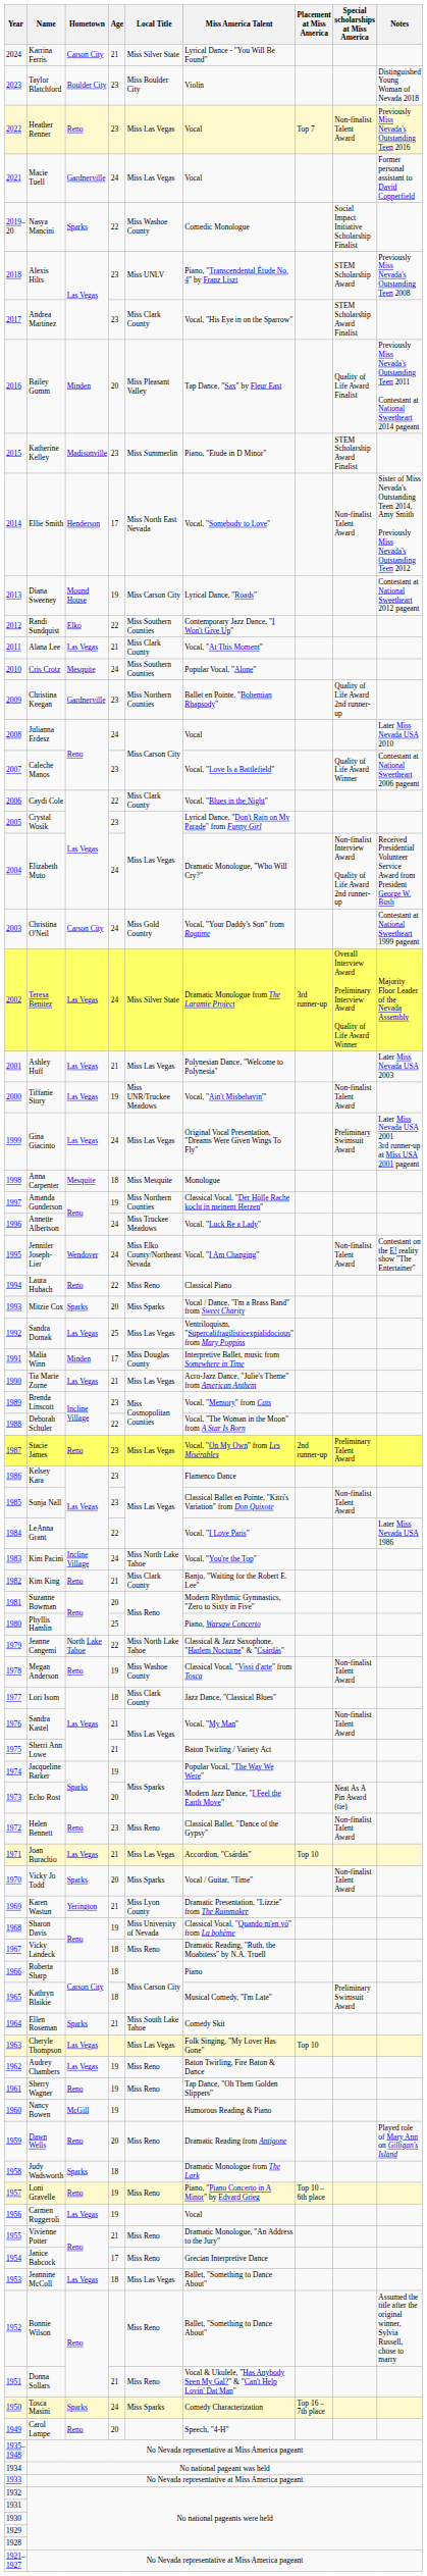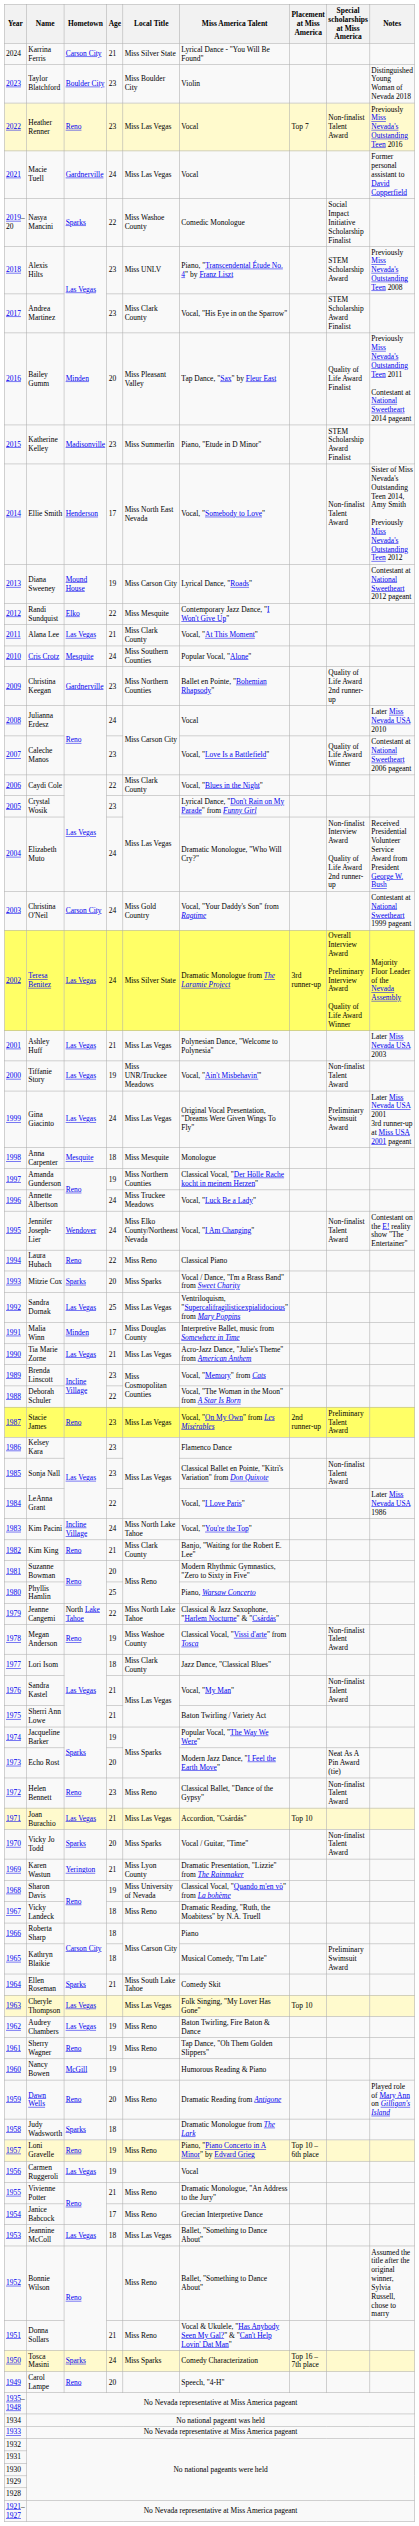 <table class="wikitable" style="width:100%; font-size:90%;">
 <tr>
 <th>Year</th>
 <th>Name</th>
 <th>Hometown</th>
 <th>Age</th>
 <th>Local Title</th>
 <th>Miss America Talent</th>
 <th>Placement at Miss America</th>
 <th>Special scholarships at Miss America</th>
 <th>Notes</th>
 </tr>
 <tr>
 <td>2024</td>
 <td>Karrina Ferris</td>
 <td><a href='#'>Carson City</a></td>
 <td>21</td>
 <td>Miss Silver State</td>
 <td>Lyrical Dance - "You Will Be Found"</td>
 <td></td>
 <td></td>
 <td></td>
 </tr>
 <tr>
 <td><a href='#'>2023</a></td>
 <td>Taylor Blatchford</td>
 <td><a href='#'>Boulder City</a></td>
 <td>23</td>
 <td>Miss Boulder City</td>
 <td>Violin</td>
 <td></td>
 <td></td>
 <td>Distinguished Young Woman of Nevada 2018</td>
 </tr>
 <tr style="background-color:#FFFACD;">
 <td><a href='#'>2022</a></td>
 <td>Heather Renner</td>
 <td><a href='#'>Reno</a></td>
 <td>23</td>
 <td>Miss Las Vegas</td>
 <td>Vocal</td>
 <td>Top 7</td>
 <td>Non-finalist Talent Award</td>
 <td>Previously <a href='#'>Miss Nevada's Outstanding Teen</a> 2016</td>
 </tr>
 <tr>
 <td><a href='#'>2021</a></td>
 <td>Macie Tuell</td>
 <td><a href='#'>Gardnerville</a></td>
 <td>24</td>
 <td>Miss Las Vegas</td>
 <td>Vocal</td>
 <td></td>
 <td></td>
 <td>Former personal assistant to <a href='#'>David Copperfield</a></td>
 </tr>
 <tr>
 <td><a href='#'>2019</a>–20</td>
 <td>Nasya Mancini</td>
 <td><a href='#'>Sparks</a></td>
 <td>22</td>
 <td>Miss Washoe County</td>
 <td>Comedic Monologue</td>
 <td></td>
 <td>Social Impact Initiative Scholarship Finalist</td>
 <td></td>
 </tr>
 <tr>
 <td><a href='#'>2018</a></td>
 <td>Alexis Hilts</td>
 <td rowspan="2"><a href='#'>Las Vegas</a></td>
 <td>23</td>
 <td>Miss UNLV</td>
 <td>Piano, "<a href='#'>Transcendental Étude No. 4</a>" by <a href='#'>Franz Liszt</a></td>
 <td></td>
 <td>STEM Scholarship Award</td>
 <td>Previously <a href='#'>Miss Nevada's Outstanding Teen</a> 2008</td>
 </tr>
 <tr>
 <td><a href='#'>2017</a></td>
 <td>Andrea Martinez</td>
 <td>23</td>
 <td>Miss Clark County</td>
 <td>Vocal, "His Eye in on the Sparrow"</td>
 <td></td>
 <td>STEM Scholarship Award Finalist</td>
 <td></td>
 </tr>
 <tr>
 <td><a href='#'>2016</a></td>
 <td>Bailey Gumm</td>
 <td><a href='#'>Minden</a></td>
 <td>20</td>
 <td>Miss Pleasant Valley</td>
 <td>Tap Dance, "<a href='#'>Sax</a>" by <a href='#'>Fleur East</a></td>
 <td></td>
 <td>Quality of Life Award Finalist</td>
 <td>Previously <a href='#'>Miss Nevada's Outstanding Teen</a> 2011<br><br>Contestant at <a href='#'>National Sweetheart</a> 2014 pageant</td>
 </tr>
 <tr>
 <td><a href='#'>2015</a></td>
 <td>Katherine Kelley</td>
 <td><a href='#'>Madisonville</a></td>
 <td>23</td>
 <td>Miss Summerlin</td>
 <td>Piano, "Etude in D Minor"</td>
 <td></td>
 <td>STEM Scholarship Award Finalist</td>
 <td></td>
 </tr>
 <tr>
 <td><a href='#'>2014</a></td>
 <td>Ellie Smith</td>
 <td><a href='#'>Henderson</a></td>
 <td>17</td>
 <td>Miss North East Nevada</td>
 <td>Vocal, "<a href='#'>Somebody to Love</a>"</td>
 <td></td>
 <td>Non-finalist Talent Award</td>
 <td>Sister of Miss Nevada's Outstanding Teen 2014, Amy Smith<br><br>Previously <a href='#'>Miss Nevada's Outstanding Teen</a> 2012</td>
 </tr>
 <tr>
 <td><a href='#'>2013</a></td>
 <td>Diana Sweeney</td>
 <td><a href='#'>Mound House</a></td>
 <td>19</td>
 <td>Miss Carson City</td>
 <td>Lyrical Dance, "<a href='#'>Roads</a>"</td>
 <td></td>
 <td></td>
 <td>Contestant at <a href='#'>National Sweetheart</a> 2012 pageant</td>
 </tr>
 <tr>
 <td><a href='#'>2012</a></td>
 <td>Randi Sundquist</td>
 <td><a href='#'>Elko</a></td>
 <td>22</td>
-<td>Miss Southern Counties</td>
+<td>Miss Mesquite</td>
 <td>Contemporary Jazz Dance, "<a href='#'>I Won't Give Up</a>"</td>
 <td></td>
 <td></td>
 <td></td>
 </tr>
 <tr>
 <td><a href='#'>2011</a></td>
 <td>Alana Lee</td>
 <td><a href='#'>Las Vegas</a></td>
 <td>21</td>
 <td>Miss Clark County</td>
 <td>Vocal, "<a href='#'>At This Moment</a>"</td>
 <td></td>
 <td></td>
 <td></td>
 </tr>
 <tr>
 <td><a href='#'>2010</a></td>
 <td><a href='#'>Cris Crotz</a></td>
 <td><a href='#'>Mesquite</a></td>
 <td>24</td>
 <td>Miss Southern Counties</td>
 <td>Popular Vocal, "<a href='#'>Alone</a>"</td>
 <td></td>
 <td></td>
 <td></td>
 </tr>
 <tr>
 <td><a href='#'>2009</a></td>
 <td>Christina Keegan</td>
 <td><a href='#'>Gardnerville</a></td>
 <td>23</td>
 <td>Miss Northern Counties</td>
 <td>Ballet en Pointe, "<a href='#'>Bohemian Rhapsody</a>"</td>
 <td></td>
 <td>Quality of Life Award 2nd runner-up</td>
 <td></td>
 </tr>
 <tr>
 <td><a href='#'>2008</a></td>
 <td>Julianna Erdesz</td>
 <td rowspan="2"><a href='#'>Reno</a></td>
 <td>24</td>
 <td rowspan="2">Miss Carson City</td>
 <td>Vocal</td>
 <td></td>
 <td></td>
 <td>Later <a href='#'>Miss Nevada USA</a> 2010</td>
 </tr>
 <tr>
 <td><a href='#'>2007</a></td>
 <td>Caleche Manos</td>
 <td>23</td>
 <td>Vocal, "<a href='#'>Love Is a Battlefield</a>"</td>
 <td></td>
 <td>Quality of Life Award Winner</td>
 <td>Contestant at <a href='#'>National Sweetheart</a> 2006 pageant</td>
 </tr>
 <tr>
 <td><a href='#'>2006</a></td>
 <td>Caydi Cole</td>
 <td rowspan="3"><a href='#'>Las Vegas</a></td>
 <td>22</td>
 <td>Miss Clark County</td>
 <td>Vocal, "<a href='#'>Blues in the Night</a>"</td>
 <td></td>
 <td></td>
 <td></td>
 </tr>
 <tr>
 <td><a href='#'>2005</a></td>
 <td>Crystal Wosik</td>
 <td>23</td>
 <td rowspan="2">Miss Las Vegas</td>
 <td>Lyrical Dance, "<a href='#'>Don't Rain on My Parade</a>" from <em><a href='#'>Funny Girl</a></em></td>
 <td></td>
 <td></td>
 <td></td>
 </tr>
 <tr>
 <td><a href='#'>2004</a></td>
 <td>Elizabeth Muto</td>
 <td>24</td>
 <td>Dramatic Monologue, "Who Will Cry?"</td>
 <td></td>
 <td>Non-finalist Interview Award<br><br>Quality of Life Award 2nd runner-up</td>
 <td>Received Presidential Volunteer Service Award from President <a href='#'>George W. Bush</a></td>
 </tr>
 <tr>
 <td><a href='#'>2003</a></td>
 <td>Christina O'Neil</td>
 <td><a href='#'>Carson City</a></td>
 <td>24</td>
 <td>Miss Gold Country</td>
 <td>Vocal, "Your Daddy's Son" from <em><a href='#'>Ragtime</a></em></td>
 <td></td>
 <td></td>
 <td>Contestant at <a href='#'>National Sweetheart</a> 1999 pageant</td>
 </tr>
 <tr style="background-color:#FFFF66;">
 <td><a href='#'>2002</a></td>
 <td><a href='#'>Teresa Benitez</a></td>
 <td><a href='#'>Las Vegas</a></td>
 <td>24</td>
 <td>Miss Silver State</td>
 <td>Dramatic Monologue from <em><a href='#'>The Laramie Project</a></em></td>
 <td>3rd runner-up</td>
 <td>Overall Interview Award<br><br>Preliminary Interview Award<br><br>Quality of Life Award Winner</td>
 <td>Majority Floor Leader of the <a href='#'>Nevada Assembly</a></td>
 </tr>
 <tr>
 <td><a href='#'>2001</a></td>
 <td>Ashley Huff</td>
 <td><a href='#'>Las Vegas</a></td>
 <td>21</td>
 <td>Miss Las Vegas</td>
 <td>Polynesian Dance, "Welcome to Polynesia"</td>
 <td></td>
 <td></td>
 <td>Later <a href='#'>Miss Nevada USA</a> 2003</td>
 </tr>
 <tr>
 <td><a href='#'>2000</a></td>
 <td>Tiffanie Story</td>
 <td><a href='#'>Las Vegas</a></td>
 <td>19</td>
 <td>Miss UNR/Truckee Meadows</td>
 <td>Vocal, "<a href='#'>Ain't Misbehavin'</a>"</td>
 <td></td>
 <td>Non-finalist Talent Award</td>
 <td></td>
 </tr>
 <tr>
 <td><a href='#'>1999</a></td>
 <td>Gina Giacinto</td>
 <td><a href='#'>Las Vegas</a></td>
 <td>24</td>
 <td>Miss Las Vegas</td>
 <td>Original Vocal Presentation, "Dreams Were Given Wings To Fly"</td>
 <td></td>
 <td>Preliminary Swimsuit Award</td>
 <td>Later <a href='#'>Miss Nevada USA</a> 2001<br>3rd runner-up at <a href='#'>Miss USA 2001</a> pageant</td>
 </tr>
 <tr>
 <td><a href='#'>1998</a></td>
 <td>Anna Carpenter</td>
 <td><a href='#'>Mesquite</a></td>
 <td>18</td>
 <td>Miss Mesquite</td>
 <td>Monologue</td>
 <td></td>
 <td></td>
 <td></td>
 </tr>
 <tr>
 <td><a href='#'>1997</a></td>
 <td>Amanda Gunderson</td>
 <td rowspan="2"><a href='#'>Reno</a></td>
 <td>19</td>
 <td>Miss Northern Counties</td>
 <td>Classical Vocal, "<a href='#'>Der Hölle Rache kocht in meinem Herzen</a>"</td>
 <td></td>
 <td></td>
 <td></td>
 </tr>
 <tr>
 <td><a href='#'>1996</a></td>
 <td>Annette Albertson</td>
 <td>24</td>
 <td>Miss Truckee Meadows</td>
 <td>Vocal, "<a href='#'>Luck Be a Lady</a>"</td>
 <td></td>
 <td></td>
 <td></td>
 </tr>
 <tr>
 <td><a href='#'>1995</a></td>
 <td>Jennifer Joseph-Lier</td>
 <td><a href='#'>Wendover</a></td>
 <td>24</td>
 <td>Miss Elko County/Northeast Nevada</td>
 <td>Vocal, "<a href='#'>I Am Changing</a>"</td>
 <td></td>
 <td>Non-finalist Talent Award</td>
 <td>Contestant on the <a href='#'>E!</a> reality show "The Entertainer"</td>
 </tr>
 <tr>
 <td><a href='#'>1994</a></td>
 <td>Laura Hubach</td>
 <td><a href='#'>Reno</a></td>
 <td>22</td>
 <td>Miss Reno</td>
 <td>Classical Piano</td>
 <td></td>
 <td></td>
 <td></td>
 </tr>
 <tr>
 <td><a href='#'>1993</a></td>
 <td>Mitzie Cox</td>
 <td><a href='#'>Sparks</a></td>
 <td>20</td>
 <td>Miss Sparks</td>
 <td>Vocal / Dance, "I'm a Brass Band" from <em><a href='#'>Sweet Charity</a></em></td>
 <td></td>
 <td></td>
 <td></td>
 </tr>
 <tr>
 <td><a href='#'>1992</a></td>
 <td>Sandra Dornak</td>
 <td><a href='#'>Las Vegas</a></td>
 <td>25</td>
 <td>Miss Las Vegas</td>
 <td>Ventriloquism, "<a href='#'>Supercalifragilisticexpialidocious</a>" from <em><a href='#'>Mary Poppins</a></em></td>
 <td></td>
 <td></td>
 <td></td>
 </tr>
 <tr>
 <td><a href='#'>1991</a></td>
 <td>Malia Winn</td>
 <td><a href='#'>Minden</a></td>
 <td>17</td>
 <td>Miss Douglas County</td>
 <td>Interpretive Ballet, music from <em><a href='#'>Somewhere in Time</a></em></td>
 <td></td>
 <td></td>
 <td></td>
 </tr>
 <tr>
 <td><a href='#'>1990</a></td>
 <td>Tia Marie Zorne</td>
 <td><a href='#'>Las Vegas</a></td>
 <td>21</td>
 <td>Miss Las Vegas</td>
 <td>Acro-Jazz Dance, "Julie's Theme" from <em><a href='#'>American Anthem</a></em></td>
 <td></td>
 <td></td>
 <td></td>
 </tr>
 <tr>
 <td><a href='#'>1989</a></td>
 <td>Brenda Linscott</td>
 <td rowspan="2"><a href='#'>Incline Village</a></td>
 <td>23</td>
 <td rowspan="2">Miss Cosmopolitan Counties</td>
 <td>Vocal, "<a href='#'>Memory</a>" from <em><a href='#'>Cats</a></em></td>
 <td></td>
 <td></td>
 <td></td>
 </tr>
 <tr>
 <td><a href='#'>1988</a></td>
 <td>Deborah Schuler</td>
 <td>22</td>
 <td>Vocal, "The Woman in the Moon" from <em><a href='#'>A Star Is Born</a></em></td>
 <td></td>
 <td></td>
 <td></td>
 </tr>
 <tr style="background-color:#FFFF66;">
 <td><a href='#'>1987</a></td>
 <td>Stacie James</td>
 <td><a href='#'>Reno</a></td>
 <td>23</td>
 <td>Miss Las Vegas</td>
 <td>Vocal, "<a href='#'>On My Own</a>" from <em><a href='#'>Les Misérables</a></em></td>
 <td>2nd runner-up</td>
 <td>Preliminary Talent Award</td>
 <td></td>
 </tr>
 <tr>
 <td><a href='#'>1986</a></td>
 <td>Kelsey Kara</td>
 <td rowspan="3"><a href='#'>Las Vegas</a></td>
 <td>23</td>
 <td rowspan="3">Miss Las Vegas</td>
 <td>Flamenco Dance</td>
 <td></td>
 <td></td>
 <td></td>
 </tr>
 <tr>
 <td><a href='#'>1985</a></td>
 <td>Sonja Nall</td>
 <td>23</td>
 <td>Classical Ballet en Pointe, "Kitri's Variation" from <em><a href='#'>Don Quixote</a></em></td>
 <td></td>
 <td>Non-finalist Talent Award</td>
 <td></td>
 </tr>
 <tr>
 <td><a href='#'>1984</a></td>
 <td>LeAnna Grant</td>
 <td>22</td>
 <td>Vocal, "<a href='#'>I Love Paris</a>"</td>
 <td></td>
 <td></td>
 <td>Later <a href='#'>Miss Nevada USA</a> 1986</td>
 </tr>
 <tr>
 <td><a href='#'>1983</a></td>
 <td>Kim Pacini</td>
 <td><a href='#'>Incline Village</a></td>
 <td>24</td>
 <td>Miss North Lake Tahoe</td>
 <td>Vocal, "<a href='#'>You're the Top</a>"</td>
 <td></td>
 <td></td>
 <td></td>
 </tr>
 <tr>
 <td><a href='#'>1982</a></td>
 <td>Kim King</td>
 <td><a href='#'>Reno</a></td>
 <td>21</td>
 <td>Miss Clark County</td>
 <td>Banjo, "Waiting for the Robert E. Lee"</td>
 <td></td>
 <td></td>
 <td></td>
 </tr>
 <tr>
 <td><a href='#'>1981</a></td>
 <td>Suzanne Bowman</td>
 <td rowspan="2"><a href='#'>Reno</a></td>
 <td>20</td>
 <td rowspan="2">Miss Reno</td>
 <td>Modern Rhythmic Gymnastics, "Zero to Sixty in Five"</td>
 <td></td>
 <td></td>
 <td></td>
 </tr>
 <tr>
 <td><a href='#'>1980</a></td>
 <td>Phyllis Hamlin</td>
 <td>25</td>
 <td>Piano, <em><a href='#'>Warsaw Concerto</a></em></td>
 <td></td>
 <td></td>
 <td></td>
 </tr>
 <tr>
 <td><a href='#'>1979</a></td>
 <td>Jeanne Cangemi</td>
 <td>North <a href='#'>Lake Tahoe</a></td>
 <td>22</td>
 <td>Miss North Lake Tahoe</td>
 <td>Classical & Jazz Saxophone, "<a href='#'>Harlem Nocturne</a>" & "<a href='#'>Csárdás</a>"</td>
 <td></td>
 <td></td>
 <td></td>
 </tr>
 <tr>
 <td><a href='#'>1978</a></td>
 <td>Megan Anderson</td>
 <td><a href='#'>Reno</a></td>
 <td>19</td>
 <td>Miss Washoe County</td>
 <td>Classical Vocal, "<a href='#'>Vissi d'arte</a>" from <em><a href='#'>Tosca</a></em></td>
 <td></td>
 <td>Non-finalist Talent Award</td>
 <td></td>
 </tr>
 <tr>
 <td><a href='#'>1977</a></td>
 <td>Lori Isom</td>
 <td rowspan="3"><a href='#'>Las Vegas</a></td>
 <td>18</td>
 <td>Miss Clark County</td>
 <td>Jazz Dance, "Classical Blues"</td>
 <td></td>
 <td></td>
 <td></td>
 </tr>
 <tr>
 <td><a href='#'>1976</a></td>
 <td>Sandra Kastel</td>
 <td>21</td>
 <td rowspan="2">Miss Las Vegas</td>
 <td>Vocal, "<a href='#'>My Man</a>"</td>
 <td></td>
 <td>Non-finalist Talent Award</td>
 <td></td>
 </tr>
 <tr>
 <td><a href='#'>1975</a></td>
 <td>Sherri Ann Lowe</td>
 <td>21</td>
 <td>Baton Twirling / Variety Act</td>
 <td></td>
 <td></td>
 <td></td>
 </tr>
 <tr>
 <td><a href='#'>1974</a></td>
 <td>Jacqueline Barker</td>
 <td rowspan="2"><a href='#'>Sparks</a></td>
 <td>19</td>
 <td rowspan="2">Miss Sparks</td>
 <td>Popular Vocal, "<a href='#'>The Way We Were</a>"</td>
 <td></td>
 <td></td>
 <td></td>
 </tr>
 <tr>
 <td><a href='#'>1973</a></td>
 <td>Echo Rost</td>
 <td>20</td>
 <td>Modern Jazz Dance, "<a href='#'>I Feel the Earth Move</a>"</td>
 <td></td>
 <td>Neat As A Pin Award (tie)</td>
 <td></td>
 </tr>
 <tr>
 <td><a href='#'>1972</a></td>
 <td>Helen Bennett</td>
 <td><a href='#'>Reno</a></td>
 <td>23</td>
 <td>Miss Reno</td>
 <td>Classical Ballet, "Dance of the Gypsy"</td>
 <td></td>
 <td>Non-finalist Talent Award</td>
 <td></td>
 </tr>
 <tr style="background-color:#FFFACD;">
 <td><a href='#'>1971</a></td>
 <td>Joan Burachio</td>
 <td><a href='#'>Las Vegas</a></td>
 <td>21</td>
 <td>Miss Las Vegas</td>
 <td>Accordion, "Csárdás"</td>
 <td>Top 10</td>
 <td></td>
 <td></td>
 </tr>
 <tr>
 <td><a href='#'>1970</a></td>
 <td>Vicky Jo Todd</td>
 <td><a href='#'>Sparks</a></td>
 <td>20</td>
 <td>Miss Sparks</td>
 <td>Vocal / Guitar, "Time"</td>
 <td></td>
 <td>Non-finalist Talent Award</td>
 <td></td>
 </tr>
 <tr>
 <td><a href='#'>1969</a></td>
 <td>Karen Wastun</td>
 <td><a href='#'>Yerington</a></td>
 <td>21</td>
 <td>Miss Lyon County</td>
 <td>Dramatic Presentation, "Lizzie" from <em><a href='#'>The Rainmaker</a></em></td>
 <td></td>
 <td></td>
 <td></td>
 </tr>
 <tr>
 <td><a href='#'>1968</a></td>
 <td>Sharon Davis</td>
 <td rowspan="2"><a href='#'>Reno</a></td>
 <td>19</td>
 <td>Miss University of Nevada</td>
 <td>Classical Vocal, "<a href='#'>Quando m'en vò</a>" from <em><a href='#'>La bohème</a></em></td>
 <td></td>
 <td></td>
 <td></td>
 </tr>
 <tr>
 <td><a href='#'>1967</a></td>
 <td>Vicky Landeck</td>
 <td>18</td>
 <td>Miss Reno</td>
 <td>Dramatic Reading, "Ruth, the Moabitess" by N.A. Truell</td>
 <td></td>
 <td></td>
 <td></td>
 </tr>
 <tr>
 <td><a href='#'>1966</a></td>
 <td>Roberta Sharp</td>
 <td rowspan="2"><a href='#'>Carson City</a></td>
 <td>18</td>
 <td rowspan="2">Miss Carson City</td>
 <td>Piano</td>
 <td></td>
 <td></td>
 <td></td>
 </tr>
 <tr>
 <td><a href='#'>1965</a></td>
 <td>Kathryn Blaikie</td>
 <td>18</td>
 <td>Musical Comedy, "I'm Late"</td>
 <td></td>
 <td>Preliminary Swimsuit Award</td>
 <td></td>
 </tr>
 <tr>
 <td><a href='#'>1964</a></td>
 <td>Ellen Roseman</td>
 <td><a href='#'>Sparks</a></td>
 <td>21</td>
 <td>Miss South Lake Tahoe</td>
 <td>Comedy Skit</td>
 <td></td>
 <td></td>
 <td></td>
 </tr>
 <tr style="background-color:#FFFACD;">
 <td><a href='#'>1963</a></td>
 <td>Cheryle Thompson</td>
 <td><a href='#'>Las Vegas</a></td>
 <td></td>
 <td>Miss Las Vegas</td>
 <td>Folk Singing, "My Lover Has Gone"</td>
 <td>Top 10</td>
 <td></td>
 <td></td>
 </tr>
 <tr>
 <td><a href='#'>1962</a></td>
 <td>Audrey Chambers</td>
 <td><a href='#'>Las Vegas</a></td>
 <td>19</td>
 <td>Miss Reno</td>
 <td>Baton Twirling, Fire Baton & Dance</td>
 <td></td>
 <td></td>
 <td></td>
 </tr>
 <tr>
 <td><a href='#'>1961</a></td>
 <td>Sherry Wagner</td>
 <td><a href='#'>Reno</a></td>
 <td>19</td>
 <td>Miss Reno</td>
 <td>Tap Dance, "Oh Them Golden Slippers"</td>
 <td></td>
 <td></td>
 <td></td>
 </tr>
 <tr>
 <td><a href='#'>1960</a></td>
 <td>Nancy Bowen</td>
 <td><a href='#'>McGill</a></td>
 <td>19</td>
 <td></td>
 <td>Humorous Reading & Piano</td>
 <td></td>
 <td></td>
 <td></td>
 </tr>
 <tr>
 <td><a href='#'>1959</a></td>
 <td><a href='#'>Dawn Wells</a></td>
 <td><a href='#'>Reno</a></td>
 <td>20</td>
 <td>Miss Reno</td>
 <td>Dramatic Reading from <em><a href='#'>Antigone</a></em></td>
 <td></td>
 <td></td>
 <td>Played role of <a href='#'>Mary Ann</a> on <em><a href='#'>Gilligan's Island</a></em></td>
 </tr>
 <tr>
 <td><a href='#'>1958</a></td>
 <td>Judy Wadsworth</td>
 <td><a href='#'>Sparks</a></td>
 <td>18</td>
 <td></td>
 <td>Dramatic Monologue from <em><a href='#'>The Lark</a></em></td>
 <td></td>
 <td></td>
 <td></td>
 </tr>
 <tr style="background-color:#FFFACD;">
 <td><a href='#'>1957</a></td>
 <td>Loni Gravelle</td>
 <td><a href='#'>Reno</a></td>
 <td>19</td>
 <td>Miss Reno</td>
 <td>Piano, "<a href='#'>Piano Concerto in A Minor</a>" by <a href='#'>Edvard Grieg</a></td>
 <td>Top 10 – 6th place</td>
 <td></td>
 <td></td>
 </tr>
 <tr>
 <td><a href='#'>1956</a></td>
 <td>Carmen Ruggeroli</td>
 <td><a href='#'>Las Vegas</a></td>
 <td>19</td>
 <td></td>
 <td>Vocal</td>
 <td></td>
 <td></td>
 <td></td>
 </tr>
 <tr>
 <td><a href='#'>1955</a></td>
 <td>Vivienne Potter</td>
 <td rowspan="2"><a href='#'>Reno</a></td>
 <td>21</td>
 <td>Miss Reno</td>
 <td>Dramatic Monologue, "An Address to the Jury"</td>
 <td></td>
 <td></td>
 <td></td>
 </tr>
 <tr>
 <td><a href='#'>1954</a></td>
 <td>Janice Babcock</td>
 <td>17</td>
 <td>Miss Reno</td>
 <td>Grecian Interpretive Dance</td>
 <td></td>
 <td></td>
 <td></td>
 </tr>
 <tr>
 <td><a href='#'>1953</a></td>
 <td>Jeannine McColl</td>
 <td><a href='#'>Las Vegas</a></td>
 <td>18</td>
 <td>Miss Las Vegas</td>
 <td>Ballet, "Something to Dance About"</td>
 <td></td>
 <td></td>
 <td></td>
 </tr>
 <tr>
 <td><a href='#'>1952</a></td>
 <td>Bonnie Wilson</td>
 <td rowspan="2"><a href='#'>Reno</a></td>
 <td></td>
 <td>Miss Reno</td>
 <td>Ballet, "Something to Dance About"</td>
 <td></td>
 <td></td>
 <td>Assumed the title after the original winner, Sylvia Russell, chose to marry</td>
 </tr>
 <tr>
 <td><a href='#'>1951</a></td>
 <td>Donna Sollars</td>
 <td>21</td>
 <td>Miss Reno</td>
 <td>Vocal & Ukulele, "<a href='#'>Has Anybody Seen My Gal?</a>" & "<a href='#'>Can't Help Lovin' Dat Man</a>"</td>
 <td></td>
 <td></td>
 <td></td>
 </tr>
 <tr style="background-color:#FFFACD;">
 <td><a href='#'>1950</a></td>
 <td>Tosca Masini</td>
 <td><a href='#'>Sparks</a></td>
 <td>24</td>
 <td>Miss Sparks</td>
 <td>Comedy Characterization</td>
 <td>Top 16 – 7th place</td>
 <td></td>
 <td></td>
 </tr>
 <tr>
 <td><a href='#'>1949</a></td>
 <td>Carol Lampe</td>
 <td><a href='#'>Reno</a></td>
 <td>20</td>
 <td></td>
 <td>Speech, "4-H"</td>
 <td></td>
 <td></td>
 <td></td>
 </tr>
 <tr>
 <td><a href='#'>1935</a>–<a href='#'>1948</a></td>
 <td colspan="8" style="text-align:center;">No Nevada representative at Miss America pageant</td>
 </tr>
 <tr>
 <td>1934</td>
 <td colspan="8" style="text-align:center;">No national pageant was held</td>
 </tr>
 <tr>
 <td><a href='#'>1933</a></td>
 <td colspan="8" style="text-align:center;">No Nevada representative at Miss America pageant</td>
 </tr>
 <tr>
 <td>1932</td>
 <td colspan="8" rowspan="5" style="text-align:center;">No national pageants were held</td>
 </tr>
 <tr>
 <td>1931</td>
 </tr>
 <tr>
 <td>1930</td>
 </tr>
 <tr>
 <td>1929</td>
 </tr>
 <tr>
 <td>1928</td>
 </tr>
 <tr>
 <td><a href='#'>1921</a>–<a href='#'>1927</a></td>
 <td colspan="8" style="text-align:center;">No Nevada representative at Miss America pageant</td>
 </tr>
 </table>
